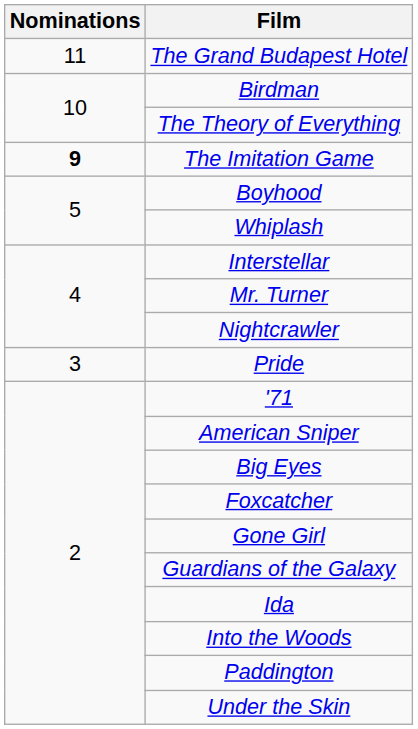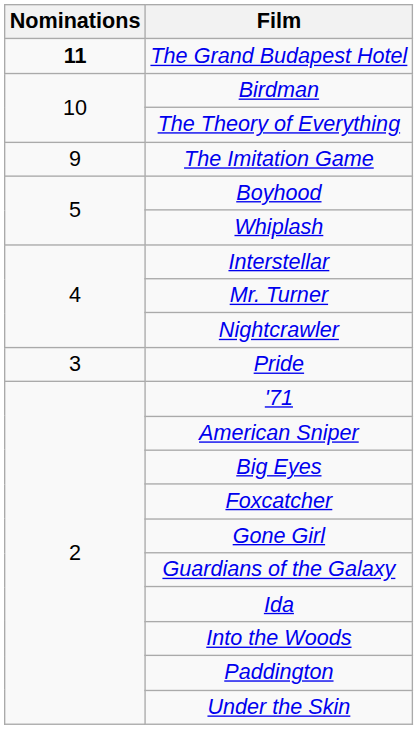 <table class="wikitable" style="text-align:center;">
 <tr>
 <th style="background:">Nominations</th>
 <th style="background:">Film</th>
 </tr>
 <tr>
-<td>11</td>
+<td><strong>11</strong></td>
 <td><em><a href='#'>The Grand Budapest Hotel</a></em></td>
 </tr>
 <tr>
 <td rowspan="2">10</td>
 <td><em><a href='#'>Birdman</a></em></td>
 </tr>
 <tr>
 <td><em><a href='#'>The Theory of Everything</a></em></td>
 </tr>
 <tr>
-<td><strong>9</strong></td>
+<td>9</td>
 <td><em><a href='#'>The Imitation Game</a></em></td>
 </tr>
 <tr>
 <td rowspan="2">5</td>
 <td><em><a href='#'>Boyhood</a></em></td>
 </tr>
 <tr>
 <td><em><a href='#'>Whiplash</a></em></td>
 </tr>
 <tr>
 <td rowspan="3">4</td>
 <td><em><a href='#'>Interstellar</a></em></td>
 </tr>
 <tr>
 <td><em><a href='#'>Mr. Turner</a></em></td>
 </tr>
 <tr>
 <td><em><a href='#'>Nightcrawler</a></em></td>
 </tr>
 <tr>
 <td>3</td>
 <td><em><a href='#'>Pride</a></em></td>
 </tr>
 <tr>
 <td rowspan="10">2</td>
 <td><em><a href='#'>'71</a></em></td>
 </tr>
 <tr>
 <td><em><a href='#'>American Sniper</a></em></td>
 </tr>
 <tr>
 <td><em><a href='#'>Big Eyes</a></em></td>
 </tr>
 <tr>
 <td><em><a href='#'>Foxcatcher</a></em></td>
 </tr>
 <tr>
 <td><em><a href='#'>Gone Girl</a></em></td>
 </tr>
 <tr>
 <td><em><a href='#'>Guardians of the Galaxy</a></em></td>
 </tr>
 <tr>
 <td><em><a href='#'>Ida</a></em></td>
 </tr>
 <tr>
 <td><em><a href='#'>Into the Woods</a></em></td>
 </tr>
 <tr>
 <td><em><a href='#'>Paddington</a></em></td>
 </tr>
 <tr>
 <td><em><a href='#'>Under the Skin</a></em></td>
 </tr>
 </table>
